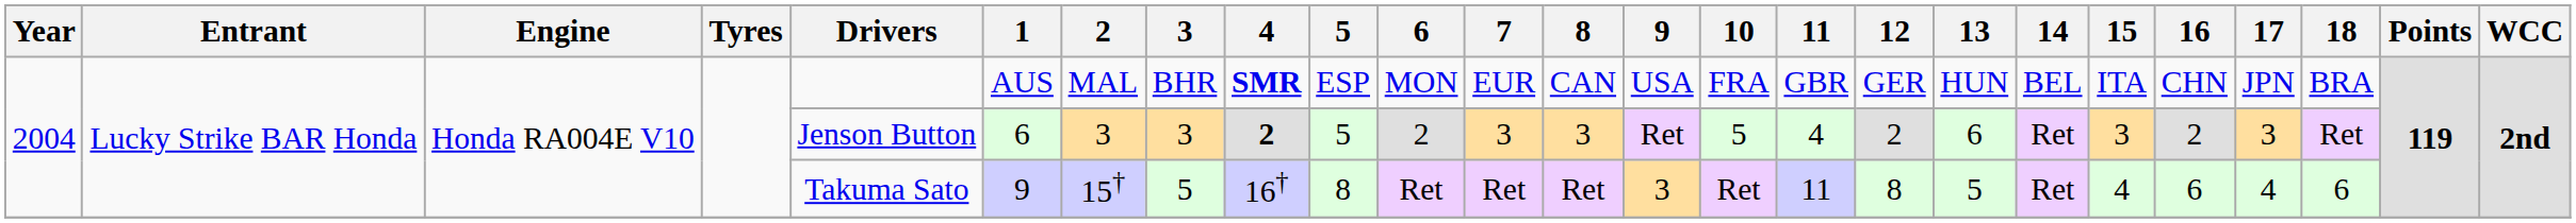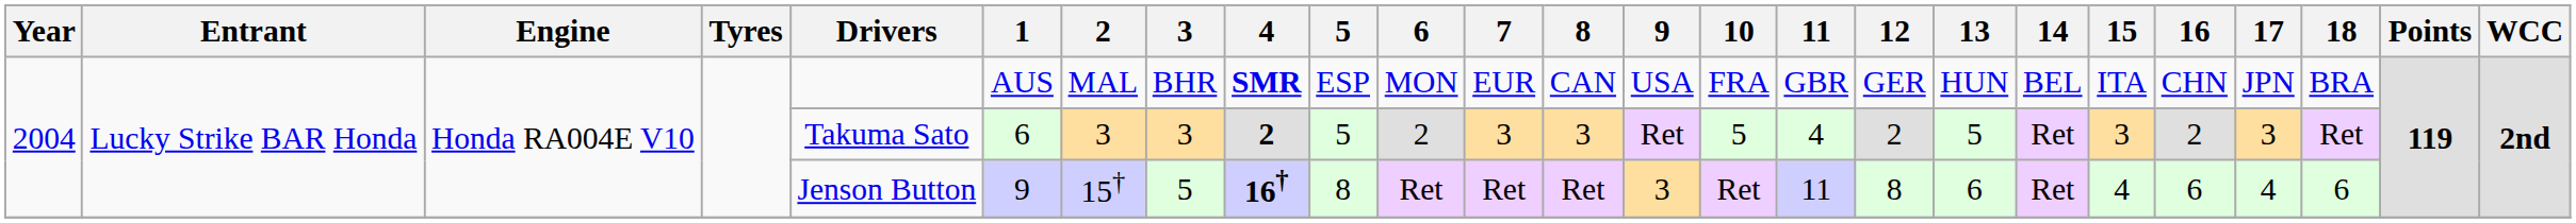 <table class="wikitable" style="text-align:center; font-size:95%">
 <tr>
 <th>Year</th>
 <th>Entrant</th>
 <th>Engine</th>
 <th>Tyres</th>
 <th>Drivers</th>
 <th>1</th>
 <th>2</th>
 <th>3</th>
 <th>4</th>
 <th>5</th>
 <th>6</th>
 <th>7</th>
 <th>8</th>
 <th>9</th>
 <th>10</th>
 <th>11</th>
 <th>12</th>
 <th>13</th>
 <th>14</th>
 <th>15</th>
 <th>16</th>
 <th>17</th>
 <th>18</th>
 <th>Points</th>
 <th>WCC</th>
 </tr>
 <tr>
 <td rowspan="3"><a href='#'>2004</a></td>
 <td rowspan="3"><a href='#'>Lucky Strike</a> <a href='#'>BAR</a> <a href='#'>Honda</a></td>
 <td rowspan="3"><a href='#'>Honda</a> RA004E <a href='#'>V10</a></td>
 <td rowspan="3"></td>
 <td></td>
 <td><a href='#'>AUS</a></td>
 <td><a href='#'>MAL</a></td>
 <td><a href='#'>BHR</a></td>
 <td><strong><a href='#'>SMR</a></strong></td>
 <td><a href='#'>ESP</a></td>
 <td><a href='#'>MON</a></td>
 <td><a href='#'>EUR</a></td>
 <td><a href='#'>CAN</a></td>
 <td><a href='#'>USA</a></td>
 <td><a href='#'>FRA</a></td>
 <td><a href='#'>GBR</a></td>
 <td><a href='#'>GER</a></td>
 <td><a href='#'>HUN</a></td>
 <td><a href='#'>BEL</a></td>
 <td><a href='#'>ITA</a></td>
 <td><a href='#'>CHN</a></td>
 <td><a href='#'>JPN</a></td>
 <td><a href='#'>BRA</a></td>
 <td rowspan="3" style="background:#DFDFDF;"><strong>119</strong></td>
 <td rowspan="3" style="background:#DFDFDF;"><strong>2nd</strong></td>
 </tr>
 <tr>
-<td> <a href='#'>Jenson Button</a></td>
+<td> <a href='#'>Takuma Sato</a></td>
 <td style="background:#DFFFDF;">6</td>
 <td style="background:#FFDF9F;">3</td>
 <td style="background:#FFDF9F;">3</td>
 <td style="background:#DFDFDF;"><strong>2</strong></td>
 <td style="background:#DFFFDF;">5</td>
 <td style="background:#DFDFDF;">2</td>
 <td style="background:#FFDF9F;">3</td>
 <td style="background:#FFDF9F;">3</td>
 <td style="background:#EFCFFF;">Ret</td>
 <td style="background:#DFFFDF;">5</td>
 <td style="background:#DFFFDF;">4</td>
 <td style="background:#DFDFDF;">2</td>
-<td style="background:#DFFFDF;">6</td>
+<td style="background:#DFFFDF;">5</td>
 <td style="background:#EFCFFF;">Ret</td>
 <td style="background:#FFDF9F;">3</td>
 <td style="background:#DFDFDF;">2</td>
 <td style="background:#FFDF9F;">3</td>
 <td style="background:#EFCFFF;">Ret</td>
 </tr>
 <tr>
-<td> <a href='#'>Takuma Sato</a></td>
+<td> <a href='#'>Jenson Button</a></td>
 <td style="background:#CFCFFF;">9</td>
 <td style="background:#CFCFFF;">15<sup>†</sup></td>
 <td style="background:#DFFFDF;">5</td>
-<td style="background:#CFCFFF;">16<sup>†</sup></td>
+<td style="background:#CFCFFF;"><strong>16<sup>†</sup></strong></td>
 <td style="background:#DFFFDF;">8</td>
 <td style="background:#EFCFFF;">Ret</td>
 <td style="background:#EFCFFF;">Ret</td>
 <td style="background:#EFCFFF;">Ret</td>
 <td style="background:#FFDF9F;">3</td>
 <td style="background:#EFCFFF;">Ret</td>
 <td style="background:#CFCFFF;">11</td>
 <td style="background:#DFFFDF;">8</td>
-<td style="background:#DFFFDF;">5</td>
+<td style="background:#DFFFDF;">6</td>
 <td style="background:#EFCFFF;">Ret</td>
 <td style="background:#DFFFDF;">4</td>
 <td style="background:#DFFFDF;">6</td>
 <td style="background:#DFFFDF;">4</td>
 <td style="background:#DFFFDF;">6</td>
 </tr>
 <tr>
 </tr>
 </table>
